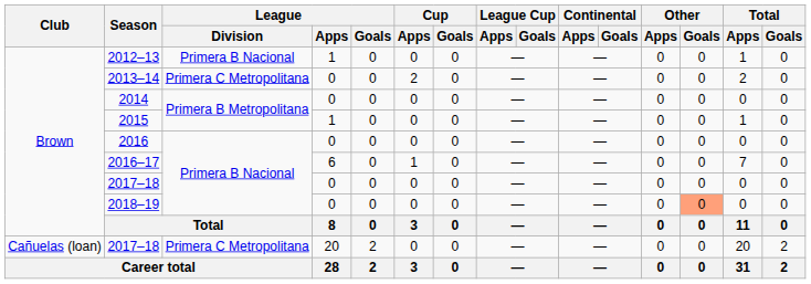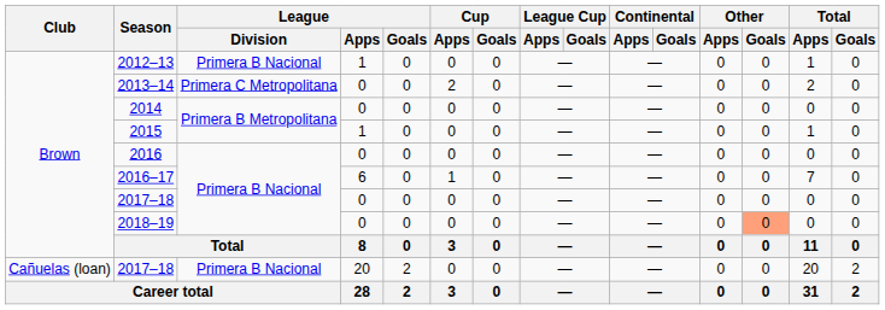 <table class="wikitable" style="text-align:center">
 <tr>
 <th rowspan="2">Club</th>
 <th rowspan="2">Season</th>
 <th colspan="3">League</th>
 <th colspan="2">Cup</th>
 <th colspan="2">League Cup</th>
 <th colspan="2">Continental</th>
 <th colspan="2">Other</th>
 <th colspan="2">Total</th>
 </tr>
 <tr>
 <th>Division</th>
 <th>Apps</th>
 <th>Goals</th>
 <th>Apps</th>
 <th>Goals</th>
 <th>Apps</th>
 <th>Goals</th>
 <th>Apps</th>
 <th>Goals</th>
 <th>Apps</th>
 <th>Goals</th>
 <th>Apps</th>
 <th>Goals</th>
 </tr>
 <tr>
 <td rowspan="9"><a href='#'>Brown</a></td>
 <td><a href='#'>2012–13</a></td>
 <td rowspan="1"><a href='#'>Primera B Nacional</a></td>
 <td>1</td>
 <td>0</td>
 <td>0</td>
 <td>0</td>
 <td colspan="2">—</td>
 <td colspan="2">—</td>
 <td>0</td>
 <td>0</td>
 <td>1</td>
 <td>0</td>
 </tr>
 <tr>
 <td><a href='#'>2013–14</a></td>
 <td rowspan="1"><a href='#'>Primera C Metropolitana</a></td>
 <td>0</td>
 <td>0</td>
 <td>2</td>
 <td>0</td>
 <td colspan="2">—</td>
 <td colspan="2">—</td>
 <td>0</td>
 <td>0</td>
 <td>2</td>
 <td>0</td>
 </tr>
 <tr>
 <td><a href='#'>2014</a></td>
 <td rowspan="2"><a href='#'>Primera B Metropolitana</a></td>
 <td>0</td>
 <td>0</td>
 <td>0</td>
 <td>0</td>
 <td colspan="2">—</td>
 <td colspan="2">—</td>
 <td>0</td>
 <td>0</td>
 <td>0</td>
 <td>0</td>
 </tr>
 <tr>
 <td><a href='#'>2015</a></td>
 <td>1</td>
 <td>0</td>
 <td>0</td>
 <td>0</td>
 <td colspan="2">—</td>
 <td colspan="2">—</td>
 <td>0</td>
 <td>0</td>
 <td>1</td>
 <td>0</td>
 </tr>
 <tr>
 <td><a href='#'>2016</a></td>
 <td rowspan="4"><a href='#'>Primera B Nacional</a></td>
 <td>0</td>
 <td>0</td>
 <td>0</td>
 <td>0</td>
 <td colspan="2">—</td>
 <td colspan="2">—</td>
 <td>0</td>
 <td>0</td>
 <td>0</td>
 <td>0</td>
 </tr>
 <tr>
 <td><a href='#'>2016–17</a></td>
 <td>6</td>
 <td>0</td>
 <td>1</td>
 <td>0</td>
 <td colspan="2">—</td>
 <td colspan="2">—</td>
 <td>0</td>
 <td>0</td>
 <td>7</td>
 <td>0</td>
 </tr>
 <tr>
 <td><a href='#'>2017–18</a></td>
 <td>0</td>
 <td>0</td>
 <td>0</td>
 <td>0</td>
 <td colspan="2">—</td>
 <td colspan="2">—</td>
 <td>0</td>
 <td>0</td>
 <td>0</td>
 <td>0</td>
 </tr>
 <tr>
 <td><a href='#'>2018–19</a></td>
 <td>0</td>
 <td>0</td>
 <td>0</td>
 <td>0</td>
 <td colspan="2">—</td>
 <td colspan="2">—</td>
 <td>0</td>
 <td style="background: lightsalmon;">0</td>
 <td>0</td>
 <td>0</td>
 </tr>
 <tr>
 <th colspan="2">Total</th>
 <th>8</th>
 <th>0</th>
 <th>3</th>
 <th>0</th>
 <th colspan="2">—</th>
 <th colspan="2">—</th>
 <th>0</th>
 <th>0</th>
 <th>11</th>
 <th>0</th>
 </tr>
 <tr>
 <td rowspan="1"><a href='#'>Cañuelas</a> (loan)</td>
 <td><a href='#'>2017–18</a></td>
-<td rowspan="1"><a href='#'>Primera C Metropolitana</a></td>
+<td rowspan="1"><a href='#'>Primera B Nacional</a></td>
 <td>20</td>
 <td>2</td>
 <td>0</td>
 <td>0</td>
 <td colspan="2">—</td>
 <td colspan="2">—</td>
 <td>0</td>
 <td>0</td>
 <td>20</td>
 <td>2</td>
 </tr>
 <tr>
 <th colspan="3">Career total</th>
 <th>28</th>
 <th>2</th>
 <th>3</th>
 <th>0</th>
 <th colspan="2">—</th>
 <th colspan="2">—</th>
 <th>0</th>
 <th>0</th>
 <th>31</th>
 <th>2</th>
 </tr>
 </table>
